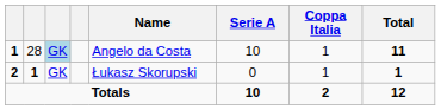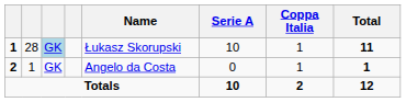 <table class="wikitable" style="text-align:center">
 <tr>
 <th width=15></th>
 <th width=15></th>
 <th width=15></th>
 <th width=15></th>
 <th width=145>Name</th>
 <th width=80><strong><a href='#'>Serie A</a></strong></th>
 <th width=80><strong><a href='#'>Coppa Italia</a></strong></th>
 <th width=80>Total</th>
 </tr>
 <tr>
 <td><strong>1</strong></td>
 <td>28</td>
 <td style="background: lightblue;"><a href='#'>GK</a></td>
 <td></td>
-<td align=left><a href='#'>Angelo da Costa</a></td>
+<td align=left><a href='#'>Łukasz Skorupski</a></td>
 <td>10</td>
 <td>1</td>
 <td><strong>11</strong></td>
 </tr>
 <tr>
 <td><strong>2</strong></td>
-<td><strong>1</strong></td>
+<td>1</td>
 <td><a href='#'>GK</a></td>
 <td></td>
-<td align=left><a href='#'>Łukasz Skorupski</a></td>
+<td align=left><a href='#'>Angelo da Costa</a></td>
 <td>0</td>
 <td>1</td>
 <td><strong>1</strong></td>
 </tr>
 <tr>
 <td colspan=5><strong>Totals</strong></td>
 <td><strong>10</strong></td>
 <td><strong>2</strong></td>
 <td><strong>12</strong></td>
 </tr>
 </table>
